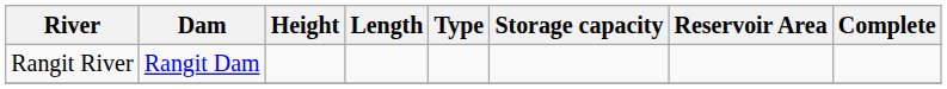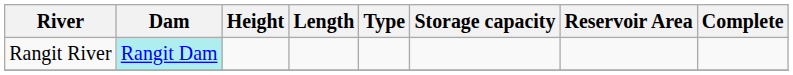 <table class="wikitable sortable" style="font-size: 95%;">
 <tr>
 <th>River</th>
 <th>Dam</th>
 <th>Height</th>
 <th>Length</th>
 <th>Type</th>
 <th>Storage capacity</th>
 <th>Reservoir Area</th>
 <th>Complete</th>
 </tr>
 <tr>
 <td>Rangit River</td>
-<td><a href='#'>Rangit Dam</a></td>
+<td style="background: paleturquoise;"><a href='#'>Rangit Dam</a></td>
 <td></td>
 <td></td>
 <td></td>
 <td></td>
 <td></td>
 <td></td>
 </tr>
 <tr>
 </tr>
 </table>
